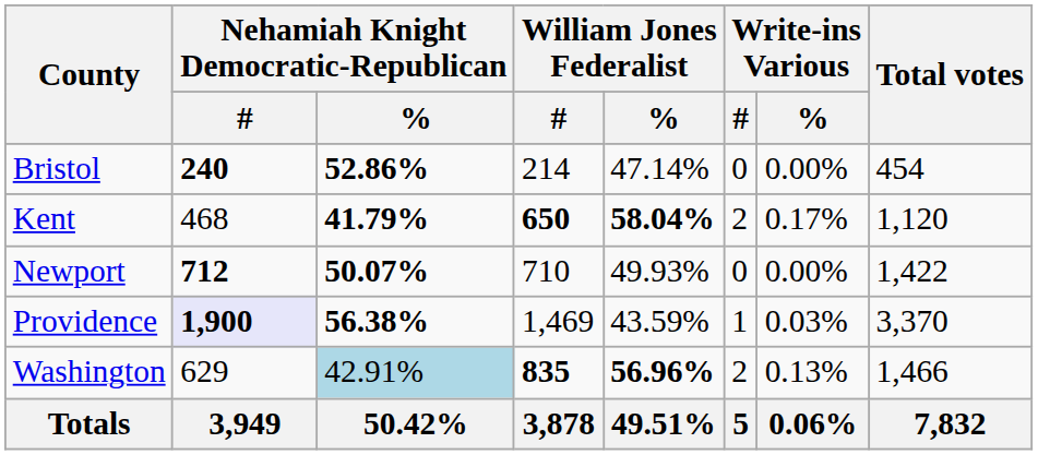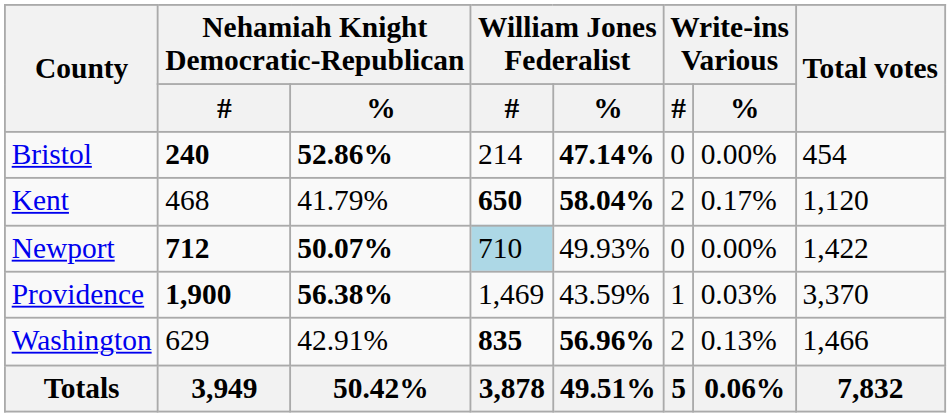 <table class="wikitable sortable">
 <tr>
 <th rowspan="2" scope="col">County</th>
 <th colspan="2" scope="col">Nehamiah Knight<br>Democratic-Republican</th>
 <th colspan="2" scope="col">William Jones<br>Federalist</th>
 <th colspan="2" scope="col">Write-ins<br>Various</th>
 <th rowspan="2" scope="col">Total votes</th>
 </tr>
 <tr>
 <th>#</th>
 <th>%</th>
 <th>#</th>
 <th>%</th>
 <th>#</th>
 <th>%</th>
 </tr>
 <tr>
 <td><a href='#'>Bristol</a></td>
 <td><strong>240</strong></td>
 <td><strong>52.86%</strong></td>
 <td>214</td>
-<td>47.14%</td>
+<td><strong>47.14%</strong></td>
 <td>0</td>
 <td>0.00%</td>
 <td>454</td>
 </tr>
 <tr>
 <td><a href='#'>Kent</a></td>
 <td>468</td>
-<td><strong>41.79%</strong></td>
+<td>41.79%</td>
 <td><strong>650</strong></td>
 <td><strong>58.04%</strong></td>
 <td>2</td>
 <td>0.17%</td>
 <td>1,120</td>
 </tr>
 <tr>
 <td><a href='#'>Newport</a></td>
 <td><strong>712</strong></td>
 <td><strong>50.07%</strong></td>
-<td>710</td>
+<td style="background: lightblue;">710</td>
 <td>49.93%</td>
 <td>0</td>
 <td>0.00%</td>
 <td>1,422</td>
 </tr>
 <tr>
 <td><a href='#'>Providence</a></td>
-<td style="background: lavender;"><strong>1,900</strong></td>
+<td><strong>1,900</strong></td>
 <td><strong>56.38%</strong></td>
 <td>1,469</td>
 <td>43.59%</td>
 <td>1</td>
 <td>0.03%</td>
 <td>3,370</td>
 </tr>
 <tr>
 <td><a href='#'>Washington</a></td>
 <td>629</td>
-<td style="background: lightblue;">42.91%</td>
+<td>42.91%</td>
 <td><strong>835</strong></td>
 <td><strong>56.96%</strong></td>
 <td>2</td>
 <td>0.13%</td>
 <td>1,466</td>
 </tr>
 <tr>
 <th>Totals</th>
 <th>3,949</th>
 <th>50.42%</th>
 <th>3,878</th>
 <th>49.51%</th>
 <th>5</th>
 <th>0.06%</th>
 <th>7,832</th>
 </tr>
 </table>
